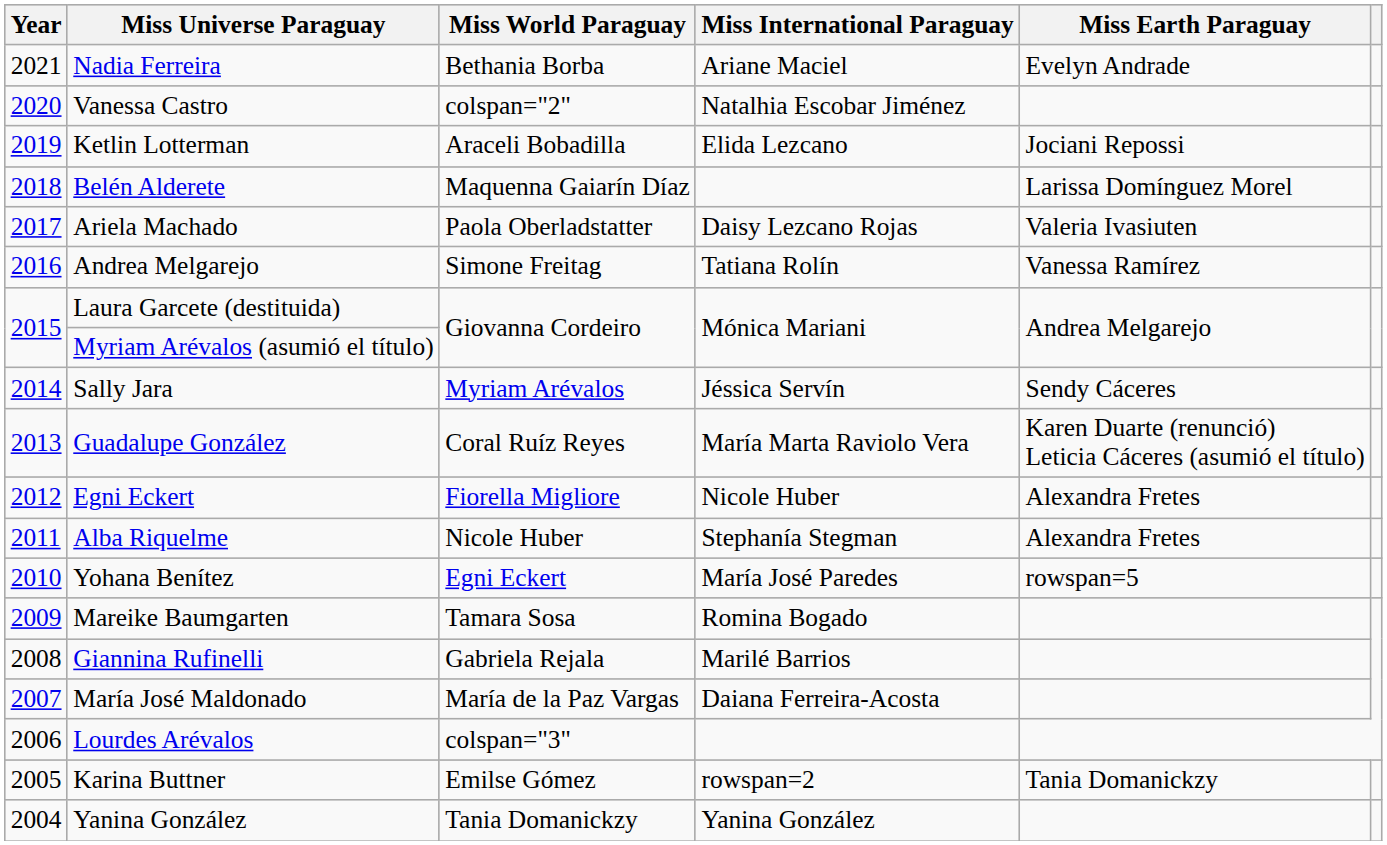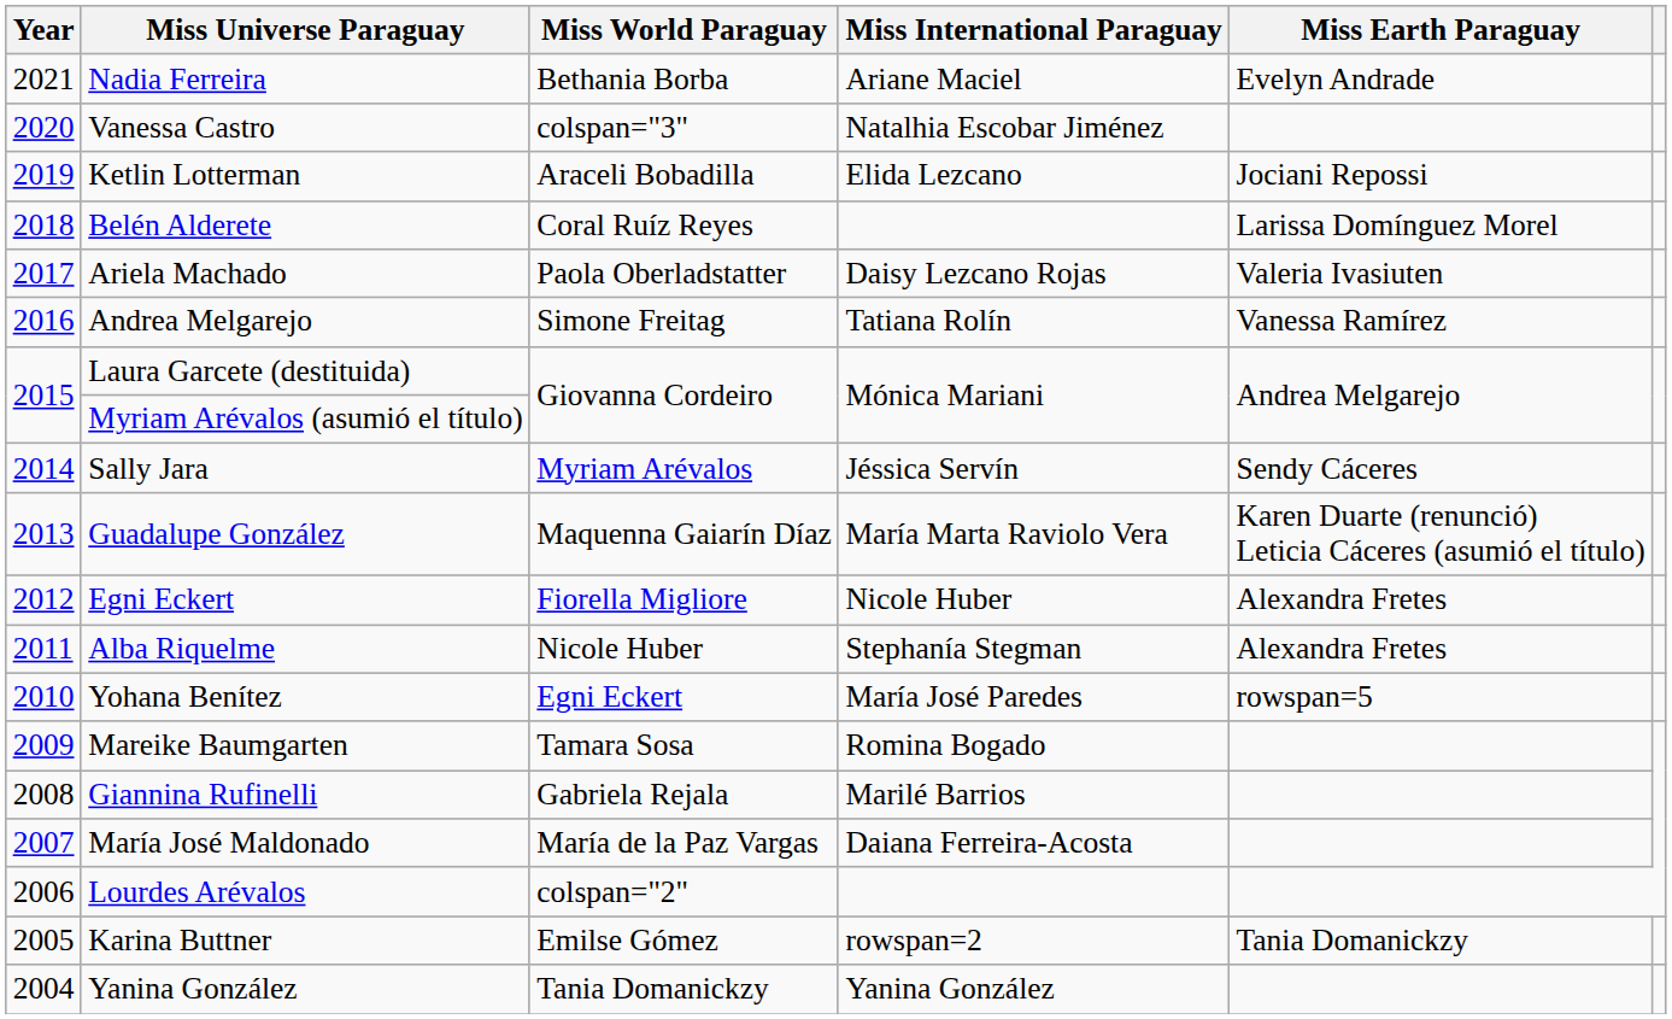 <table class="wikitable">
 <tr>
 <th>Year</th>
 <th>Miss Universe Paraguay</th>
 <th>Miss World Paraguay</th>
 <th>Miss International Paraguay</th>
 <th>Miss Earth Paraguay</th>
 <th></th>
 </tr>
 <tr>
 <td>2021</td>
 <td><a href='#'>Nadia Ferreira</a></td>
 <td>Bethania Borba</td>
 <td>Ariane Maciel</td>
 <td>Evelyn Andrade</td>
 <td></td>
 </tr>
 <tr>
 <td><a href='#'>2020</a></td>
 <td>Vanessa Castro</td>
-<td>colspan="2" </td>
+<td>colspan="3" </td>
 <td>Natalhia Escobar Jiménez</td>
 <td></td>
 </tr>
 <tr>
 <td><a href='#'>2019</a></td>
 <td>Ketlin Lotterman</td>
 <td>Araceli Bobadilla</td>
 <td>Elida Lezcano</td>
 <td>Jociani Repossi</td>
 <td></td>
 </tr>
 <tr>
 <td><a href='#'>2018</a></td>
 <td><a href='#'>Belén Alderete</a></td>
-<td>Maquenna Gaiarín Díaz</td>
+<td>Coral Ruíz Reyes</td>
 <td></td>
 <td>Larissa Domínguez Morel</td>
 <td></td>
 </tr>
 <tr>
 <td><a href='#'>2017</a></td>
 <td>Ariela Machado</td>
 <td>Paola Oberladstatter</td>
 <td>Daisy Lezcano Rojas</td>
 <td>Valeria Ivasiuten</td>
 <td></td>
 </tr>
 <tr>
 <td><a href='#'>2016</a></td>
 <td>Andrea Melgarejo</td>
 <td>Simone Freitag</td>
 <td>Tatiana Rolín</td>
 <td>Vanessa Ramírez</td>
 <td></td>
 </tr>
 <tr>
 <td rowspan="2"><a href='#'>2015</a></td>
 <td>Laura Garcete (destituida)</td>
 <td rowspan="2">Giovanna Cordeiro</td>
 <td rowspan="2">Mónica Mariani</td>
 <td rowspan="2">Andrea Melgarejo</td>
 <td rowspan="2"></td>
 </tr>
 <tr>
 <td><a href='#'>Myriam Arévalos</a> (asumió el título)</td>
 </tr>
 <tr>
 <td><a href='#'>2014</a></td>
 <td>Sally Jara</td>
 <td><a href='#'>Myriam Arévalos</a></td>
 <td>Jéssica Servín</td>
 <td>Sendy Cáceres</td>
 <td></td>
 </tr>
 <tr>
 <td><a href='#'>2013</a></td>
 <td><a href='#'>Guadalupe González</a></td>
-<td>Coral Ruíz Reyes</td>
+<td>Maquenna Gaiarín Díaz</td>
 <td>María Marta Raviolo Vera</td>
 <td>Karen Duarte (renunció)<br>Leticia Cáceres (asumió el título)</td>
 <td></td>
 </tr>
 <tr>
 <td><a href='#'>2012</a></td>
 <td><a href='#'>Egni Eckert</a></td>
 <td><a href='#'>Fiorella Migliore</a></td>
 <td>Nicole Huber</td>
 <td>Alexandra Fretes</td>
 <td></td>
 </tr>
 <tr>
 <td><a href='#'>2011</a></td>
 <td><a href='#'>Alba Riquelme</a></td>
 <td>Nicole Huber</td>
 <td>Stephanía Stegman</td>
 <td>Alexandra Fretes</td>
 <td></td>
 </tr>
 <tr>
 <td><a href='#'>2010</a></td>
 <td>Yohana Benítez</td>
 <td><a href='#'>Egni Eckert</a></td>
 <td>María José Paredes</td>
 <td>rowspan=5 </td>
 <td></td>
 </tr>
 <tr>
 <td><a href='#'>2009</a></td>
 <td>Mareike Baumgarten</td>
 <td>Tamara Sosa</td>
 <td>Romina Bogado</td>
 <td></td>
 </tr>
 <tr>
 <td>2008</td>
 <td><a href='#'>Giannina Rufinelli</a></td>
 <td>Gabriela Rejala</td>
 <td>Marilé Barrios</td>
 <td></td>
 </tr>
 <tr>
 <td><a href='#'>2007</a></td>
 <td>María José Maldonado</td>
 <td>María de la Paz Vargas</td>
 <td>Daiana Ferreira-Acosta</td>
 <td></td>
 </tr>
 <tr>
 <td>2006</td>
 <td><a href='#'>Lourdes Arévalos</a></td>
-<td>colspan="3" </td>
+<td>colspan="2" </td>
 <td></td>
 </tr>
 <tr>
 <td>2005</td>
 <td>Karina Buttner</td>
 <td>Emilse Gómez</td>
 <td>rowspan=2 </td>
 <td>Tania Domanickzy</td>
 <td></td>
 </tr>
 <tr>
 <td>2004</td>
 <td>Yanina González</td>
 <td>Tania Domanickzy</td>
 <td>Yanina González</td>
 <td></td>
 </tr>
 </table>
